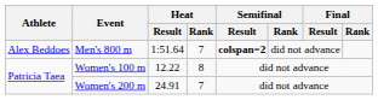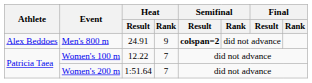 <table class="wikitable" style="font-size:90%">
 <tr>
 <th rowspan=2>Athlete</th>
 <th rowspan=2>Event</th>
 <th colspan=2>Heat</th>
 <th colspan=2>Semifinal</th>
 <th colspan=2>Final</th>
 </tr>
 <tr style="font-size:95%">
 <th>Result</th>
 <th>Rank</th>
 <th>Result</th>
 <th>Rank</th>
 <th>Result</th>
 <th>Rank</th>
 </tr>
 <tr align=center>
 <td align=left><a href='#'>Alex Beddoes</a></td>
 <td align=left><a href='#'>Men's 800 m</a></td>
-<td>1:51.64</td>
-<td>7</td>
+<td>24.91</td>
+<td>9</td>
 <td><strong>colspan=2</strong></td>
 <td colspan=2>did not advance</td>
 </tr>
 <tr align=center>
 <td align=left rowspan=2><a href='#'>Patricia Taea</a></td>
 <td align=left><a href='#'>Women's 100 m</a></td>
 <td>12.22</td>
-<td>8</td>
+<td>7</td>
 <td colspan=4>did not advance</td>
 </tr>
 <tr align=center>
 <td align=left><a href='#'>Women's 200 m</a></td>
-<td>24.91</td>
+<td>1:51.64</td>
 <td>7</td>
 <td colspan=4>did not advance</td>
 </tr>
 </table>
